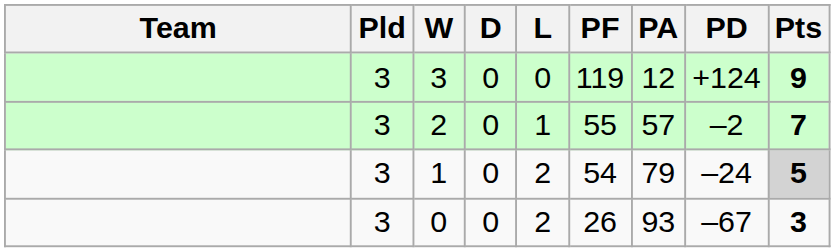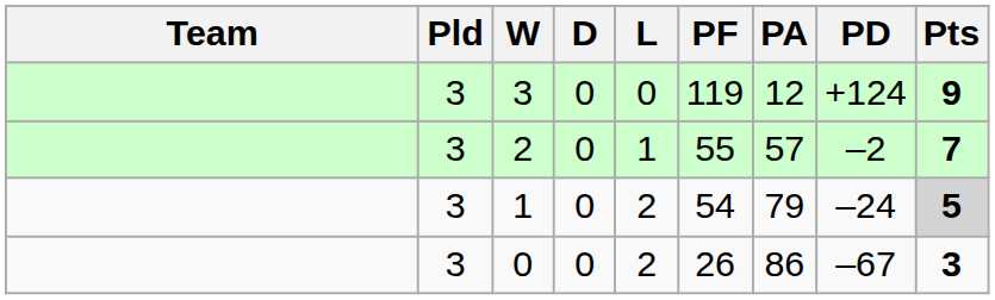 <table class="wikitable" style="text-align:center;">
 <tr>
 <th width=175>Team</th>
 <th width=20 abbr="Played">Pld</th>
 <th width=20 abbr="Won">W</th>
 <th width=20 abbr="Drawn">D</th>
 <th width=20 abbr="Lost">L</th>
 <th width=20 abbr="Points for">PF</th>
 <th width=20 abbr="Points against">PA</th>
 <th width=25 abbr="Points difference">PD</th>
 <th width=20 abbr="Points">Pts</th>
 </tr>
 <tr style="background:#ccffcc">
 <td align=left></td>
 <td>3</td>
 <td>3</td>
 <td>0</td>
 <td>0</td>
 <td>119</td>
 <td>12</td>
 <td>+124</td>
 <td><strong>9</strong></td>
 </tr>
 <tr style="background:#ccffcc">
 <td align=left></td>
 <td>3</td>
 <td>2</td>
 <td>0</td>
 <td>1</td>
 <td>55</td>
 <td>57</td>
 <td>–2</td>
 <td><strong>7</strong></td>
 </tr>
 <tr>
 <td align=left></td>
 <td>3</td>
 <td>1</td>
 <td>0</td>
 <td>2</td>
 <td>54</td>
 <td>79</td>
 <td>–24</td>
 <td style="background: lightgrey;"><strong>5</strong></td>
 </tr>
 <tr>
 <td align=left></td>
 <td>3</td>
 <td>0</td>
 <td>0</td>
 <td>2</td>
 <td>26</td>
-<td>93</td>
+<td>86</td>
 <td>–67</td>
 <td><strong>3</strong></td>
 </tr>
 </table>
